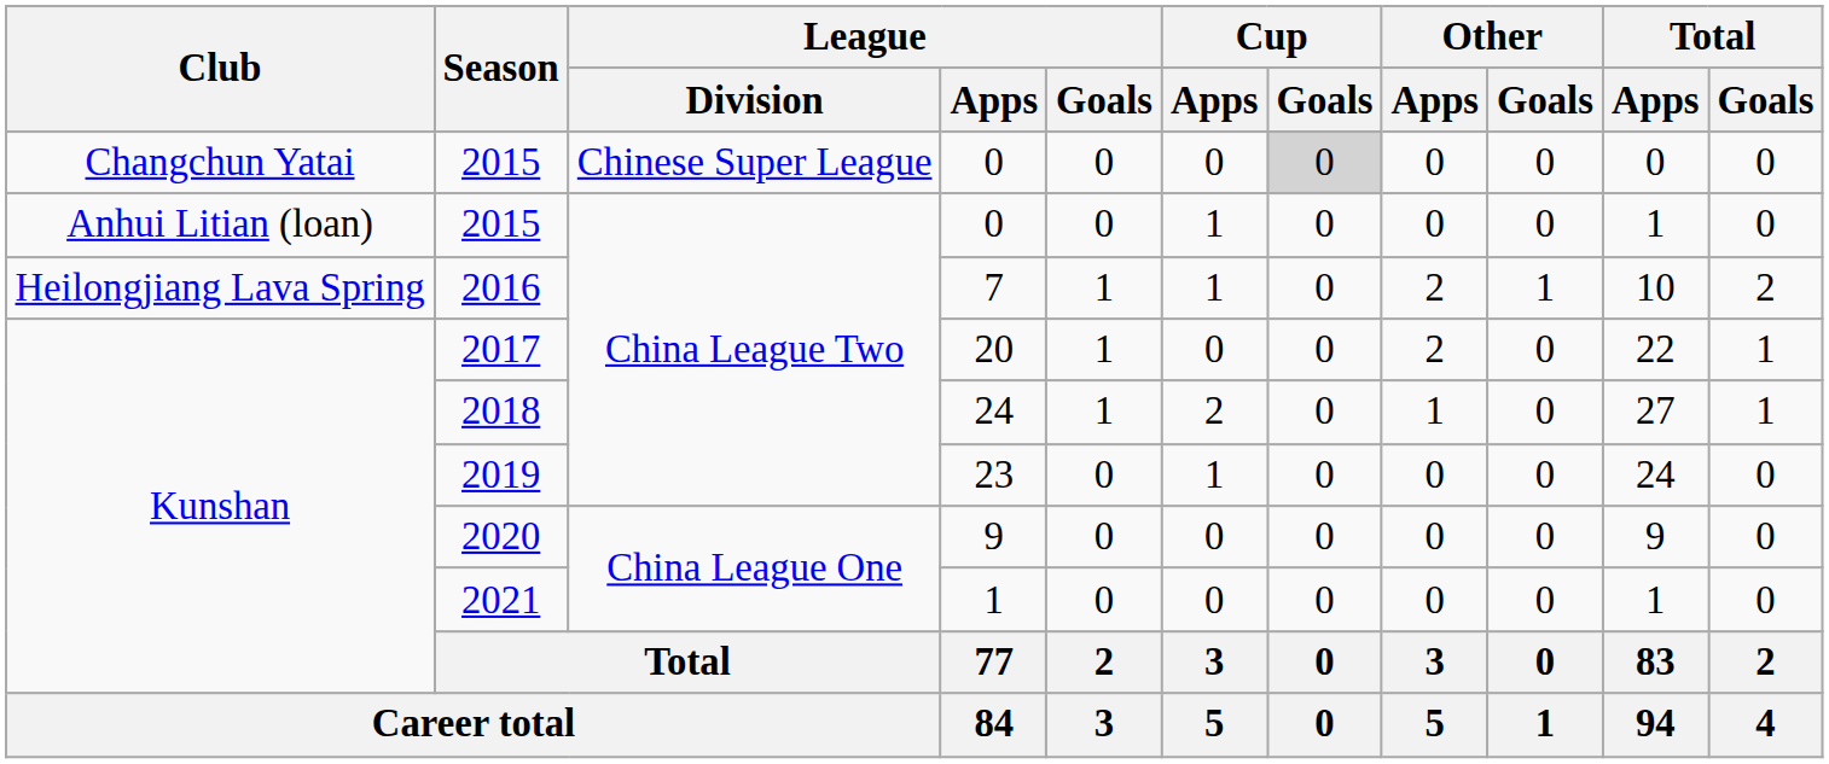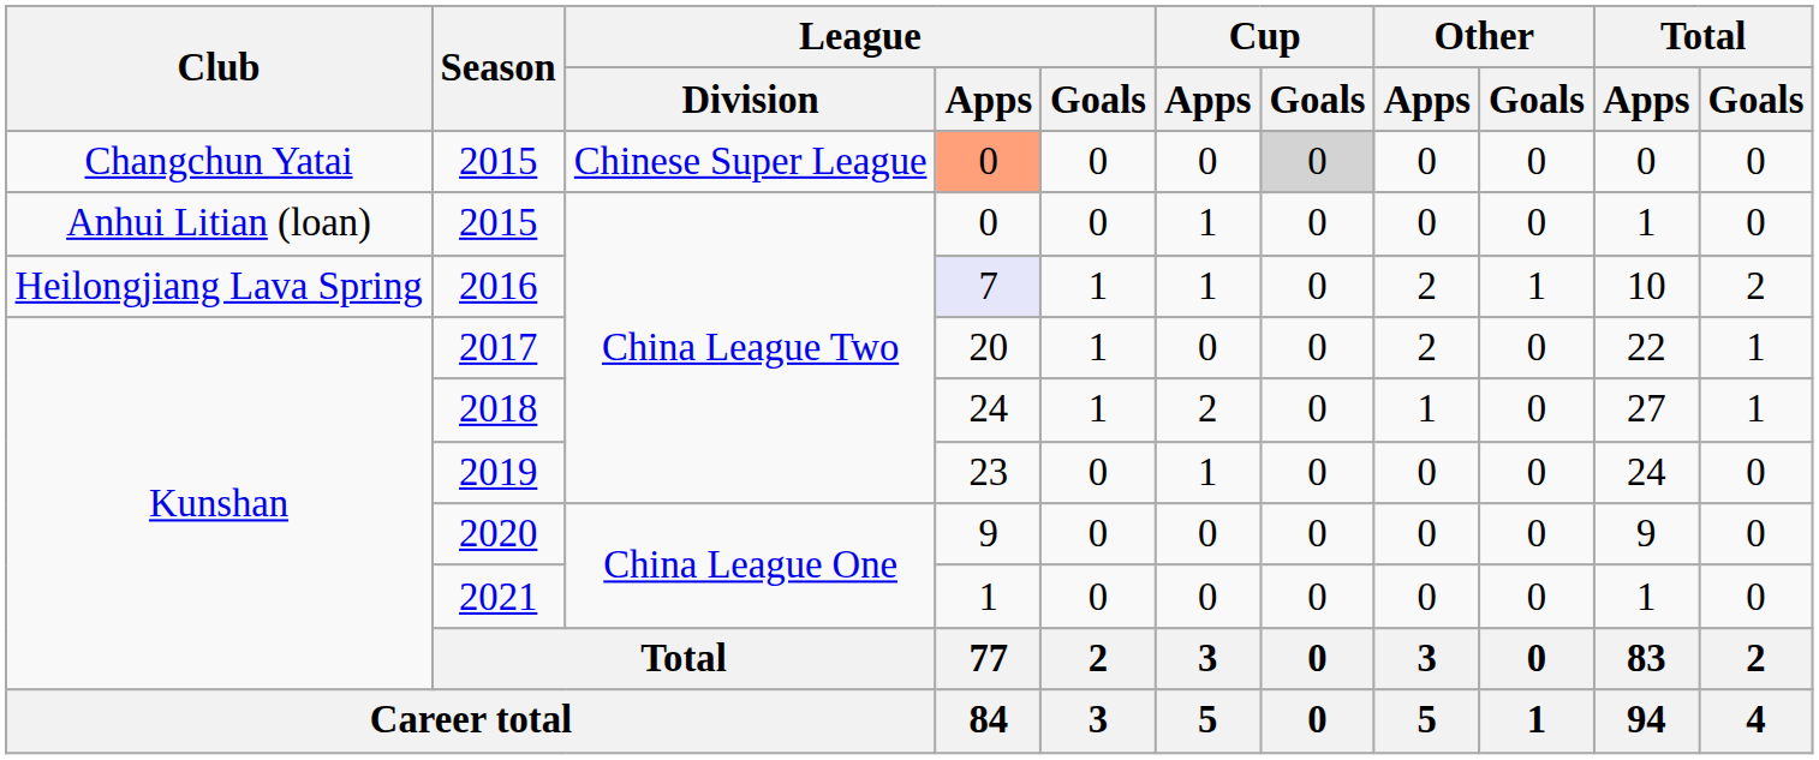 <table class="wikitable" style="text-align: center">
 <tr>
 <th rowspan="2">Club</th>
 <th rowspan="2">Season</th>
 <th colspan="3">League</th>
 <th colspan="2">Cup</th>
 <th colspan="2">Other</th>
 <th colspan="2">Total</th>
 </tr>
 <tr>
 <th>Division</th>
 <th>Apps</th>
 <th>Goals</th>
 <th>Apps</th>
 <th>Goals</th>
 <th>Apps</th>
 <th>Goals</th>
 <th>Apps</th>
 <th>Goals</th>
 </tr>
 <tr>
 <td><a href='#'>Changchun Yatai</a></td>
 <td><a href='#'>2015</a></td>
 <td><a href='#'>Chinese Super League</a></td>
-<td>0</td>
+<td style="background: lightsalmon;">0</td>
 <td>0</td>
 <td>0</td>
 <td style="background: lightgrey;">0</td>
 <td>0</td>
 <td>0</td>
 <td>0</td>
 <td>0</td>
 </tr>
 <tr>
 <td><a href='#'>Anhui Litian</a> (loan)</td>
 <td><a href='#'>2015</a></td>
 <td rowspan="5"><a href='#'>China League Two</a></td>
 <td>0</td>
 <td>0</td>
 <td>1</td>
 <td>0</td>
 <td>0</td>
 <td>0</td>
 <td>1</td>
 <td>0</td>
 </tr>
 <tr>
 <td><a href='#'>Heilongjiang Lava Spring</a></td>
 <td><a href='#'>2016</a></td>
-<td>7</td>
+<td style="background: lavender;">7</td>
 <td>1</td>
 <td>1</td>
 <td>0</td>
 <td>2</td>
 <td>1</td>
 <td>10</td>
 <td>2</td>
 </tr>
 <tr>
 <td rowspan="6"><a href='#'>Kunshan</a></td>
 <td><a href='#'>2017</a></td>
 <td>20</td>
 <td>1</td>
 <td>0</td>
 <td>0</td>
 <td>2</td>
 <td>0</td>
 <td>22</td>
 <td>1</td>
 </tr>
 <tr>
 <td><a href='#'>2018</a></td>
 <td>24</td>
 <td>1</td>
 <td>2</td>
 <td>0</td>
 <td>1</td>
 <td>0</td>
 <td>27</td>
 <td>1</td>
 </tr>
 <tr>
 <td><a href='#'>2019</a></td>
 <td>23</td>
 <td>0</td>
 <td>1</td>
 <td>0</td>
 <td>0</td>
 <td>0</td>
 <td>24</td>
 <td>0</td>
 </tr>
 <tr>
 <td><a href='#'>2020</a></td>
 <td rowspan="2"><a href='#'>China League One</a></td>
 <td>9</td>
 <td>0</td>
 <td>0</td>
 <td>0</td>
 <td>0</td>
 <td>0</td>
 <td>9</td>
 <td>0</td>
 </tr>
 <tr>
 <td><a href='#'>2021</a></td>
 <td>1</td>
 <td>0</td>
 <td>0</td>
 <td>0</td>
 <td>0</td>
 <td>0</td>
 <td>1</td>
 <td>0</td>
 </tr>
 <tr>
 <th colspan=2>Total</th>
 <th>77</th>
 <th>2</th>
 <th>3</th>
 <th>0</th>
 <th>3</th>
 <th>0</th>
 <th>83</th>
 <th>2</th>
 </tr>
 <tr>
 <th colspan=3>Career total</th>
 <th>84</th>
 <th>3</th>
 <th>5</th>
 <th>0</th>
 <th>5</th>
 <th>1</th>
 <th>94</th>
 <th>4</th>
 </tr>
 </table>
